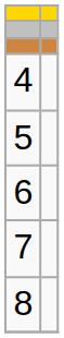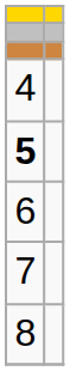 <table class="wikitable">
 <tr style="background:gold;">
 <td align=center></td>
 <td></td>
 </tr>
 <tr style="background:silver;">
 <td align=center></td>
 <td></td>
 </tr>
 <tr style="background:peru;">
 <td align=center></td>
 <td></td>
 </tr>
 <tr>
 <td align=center>4</td>
 <td></td>
 </tr>
 <tr>
-<td align=center>5</td>
+<td align=center><strong>5</strong></td>
 <td></td>
 </tr>
 <tr>
 <td align=center>6</td>
 <td></td>
 </tr>
 <tr>
 <td align=center>7</td>
 <td></td>
 </tr>
 <tr>
 <td align=center>8</td>
 <td></td>
 </tr>
 <tr>
 </tr>
 </table>
